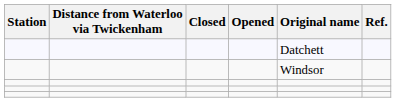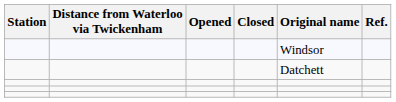 <table class="wikitable sortable collapsible collapsed">
 <tr>
 <th scope="col">Station</th>
 <th scope="col">Distance from Waterloo<br> via Twickenham</th>
+<th scope="col">Opened</th>
 <th scope="col">Closed</th>
-<th scope="col">Opened</th>
 <th scope="col" class="unsortable">Original name</th>
 <th scope="col" class="unsortable">Ref.</th>
 </tr>
 <tr style="background:#F8F8FF">
 <td></td>
 <td></td>
 <td></td>
 <td></td>
-<td>Datchett</td>
+<td>Windsor</td>
 <td></td>
 </tr>
 <tr>
 <td></td>
 <td></td>
 <td></td>
 <td></td>
-<td>Windsor</td>
+<td>Datchett</td>
 <td></td>
 </tr>
 <tr>
 <td></td>
 <td></td>
 <td></td>
 <td></td>
 <td></td>
 <td></td>
 </tr>
 <tr>
 <td></td>
 <td></td>
 <td></td>
 <td></td>
 <td></td>
 <td></td>
 </tr>
 <tr>
 <td></td>
 <td></td>
 <td></td>
 <td></td>
 <td></td>
 <td></td>
 </tr>
 </table>
